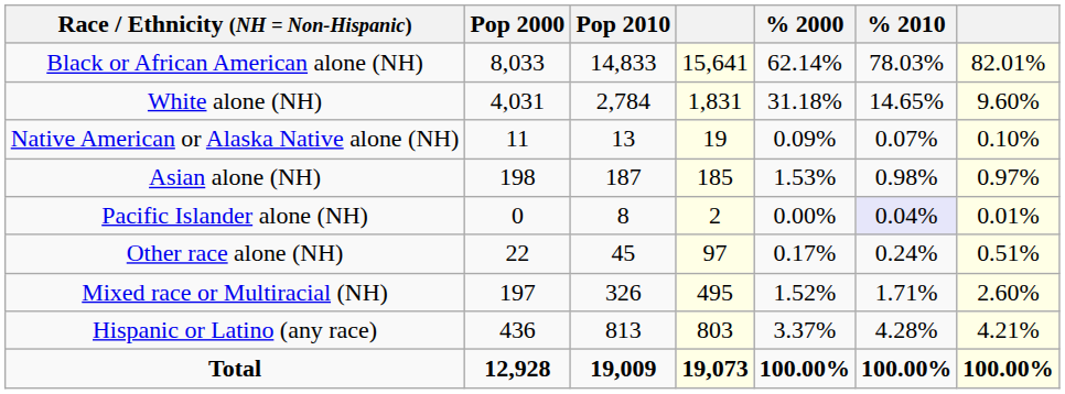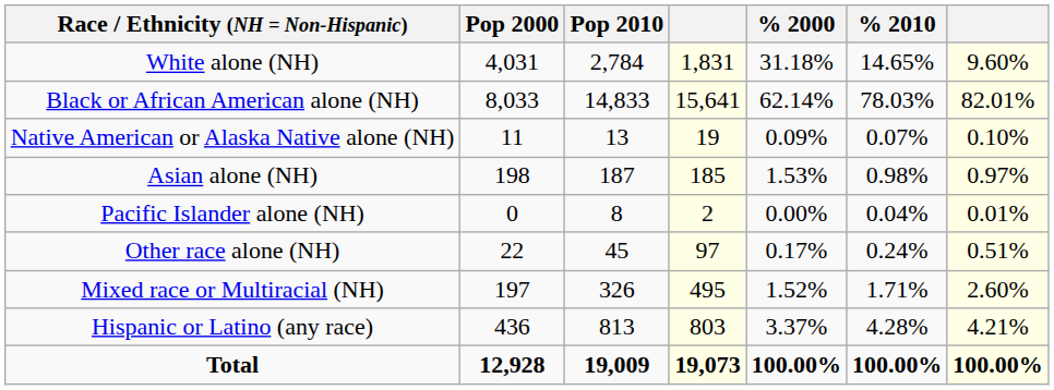 <table class="wikitable" style="text-align:center;">
 <tr>
 <th>Race / Ethnicity <small>(<em>NH = Non-Hispanic</em>)</small></th>
 <th>Pop 2000</th>
 <th>Pop 2010</th>
 <th></th>
 <th>% 2000</th>
 <th>% 2010</th>
 <th></th>
 </tr>
 <tr>
+<td><a href='#'>White</a> alone (NH)</td>
+<td>4,031</td>
+<td>2,784</td>
+<td style='background: #ffffe6;'>1,831</td>
+<td>31.18%</td>
+<td>14.65%</td>
+<td style='background: #ffffe6;'>9.60%</td>
+</tr>
+<tr>
 <td><a href='#'>Black or African American</a> alone (NH)</td>
 <td>8,033</td>
 <td>14,833</td>
 <td style='background: #ffffe6;'>15,641</td>
 <td>62.14%</td>
 <td>78.03%</td>
 <td style='background: #ffffe6;'>82.01%</td>
-</tr>
-<tr>
-<td><a href='#'>White</a> alone (NH)</td>
-<td>4,031</td>
-<td>2,784</td>
-<td style='background: #ffffe6;'>1,831</td>
-<td>31.18%</td>
-<td>14.65%</td>
-<td style='background: #ffffe6;'>9.60%</td>
 </tr>
 <tr>
 <td><a href='#'>Native American</a> or <a href='#'>Alaska Native</a> alone (NH)</td>
 <td>11</td>
 <td>13</td>
 <td style='background: #ffffe6;'>19</td>
 <td>0.09%</td>
 <td>0.07%</td>
 <td style='background: #ffffe6;'>0.10%</td>
 </tr>
 <tr>
 <td><a href='#'>Asian</a> alone (NH)</td>
 <td>198</td>
 <td>187</td>
 <td style='background: #ffffe6;'>185</td>
 <td>1.53%</td>
 <td>0.98%</td>
 <td style='background: #ffffe6;'>0.97%</td>
 </tr>
 <tr>
 <td><a href='#'>Pacific Islander</a> alone (NH)</td>
 <td>0</td>
 <td>8</td>
 <td style='background: #ffffe6;'>2</td>
 <td>0.00%</td>
-<td style="background: lavender;">0.04%</td>
+<td>0.04%</td>
 <td style='background: #ffffe6;'>0.01%</td>
 </tr>
 <tr>
 <td><a href='#'>Other race</a> alone (NH)</td>
 <td>22</td>
 <td>45</td>
 <td style='background: #ffffe6;'>97</td>
 <td>0.17%</td>
 <td>0.24%</td>
 <td style='background: #ffffe6;'>0.51%</td>
 </tr>
 <tr>
 <td><a href='#'>Mixed race or Multiracial</a> (NH)</td>
 <td>197</td>
 <td>326</td>
 <td style='background: #ffffe6;'>495</td>
 <td>1.52%</td>
 <td>1.71%</td>
 <td style='background: #ffffe6;'>2.60%</td>
 </tr>
 <tr>
 <td><a href='#'>Hispanic or Latino</a> (any race)</td>
 <td>436</td>
 <td>813</td>
 <td style='background: #ffffe6;'>803</td>
 <td>3.37%</td>
 <td>4.28%</td>
 <td style='background: #ffffe6;'>4.21%</td>
 </tr>
 <tr>
 <td><strong>Total</strong></td>
 <td><strong>12,928</strong></td>
 <td><strong>19,009</strong></td>
 <td style='background: #ffffe6;'><strong>19,073</strong></td>
 <td><strong>100.00%</strong></td>
 <td><strong>100.00%</strong></td>
 <td style='background: #ffffe6;'><strong>100.00%</strong></td>
 </tr>
 </table>
